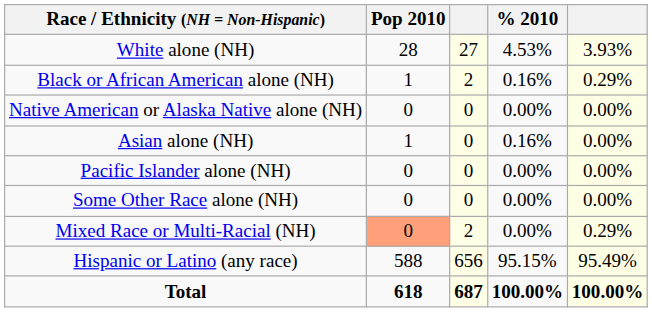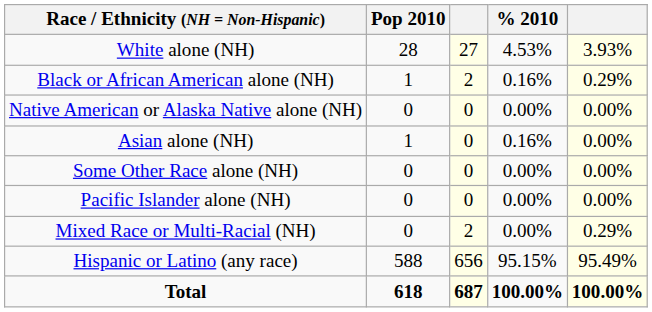 <table class="wikitable" style="text-align:center;">
 <tr>
 <th>Race / Ethnicity <small>(<em>NH = Non-Hispanic</em>)</small></th>
 <th>Pop 2010</th>
 <th></th>
 <th>% 2010</th>
 <th></th>
 </tr>
 <tr>
 <td><a href='#'>White</a> alone (NH)</td>
 <td>28</td>
 <td style='background: #ffffe6;'>27</td>
 <td>4.53%</td>
 <td style='background: #ffffe6;'>3.93%</td>
 </tr>
 <tr>
 <td><a href='#'>Black or African American</a> alone (NH)</td>
 <td>1</td>
 <td style='background: #ffffe6;'>2</td>
 <td>0.16%</td>
 <td style='background: #ffffe6;'>0.29%</td>
 </tr>
 <tr>
 <td><a href='#'>Native American</a> or <a href='#'>Alaska Native</a> alone (NH)</td>
 <td>0</td>
 <td style='background: #ffffe6;'>0</td>
 <td>0.00%</td>
 <td style='background: #ffffe6;'>0.00%</td>
 </tr>
 <tr>
 <td><a href='#'>Asian</a> alone (NH)</td>
 <td>1</td>
 <td style='background: #ffffe6;'>0</td>
 <td>0.16%</td>
 <td style='background: #ffffe6;'>0.00%</td>
 </tr>
 <tr>
+<td><a href='#'>Some Other Race</a> alone (NH)</td>
+<td>0</td>
+<td style='background: #ffffe6;'>0</td>
+<td>0.00%</td>
+<td style='background: #ffffe6;'>0.00%</td>
+</tr>
+<tr>
 <td><a href='#'>Pacific Islander</a> alone (NH)</td>
 <td>0</td>
 <td style='background: #ffffe6;'>0</td>
 <td>0.00%</td>
 <td style='background: #ffffe6;'>0.00%</td>
 </tr>
 <tr>
-<td><a href='#'>Some Other Race</a> alone (NH)</td>
+<td><a href='#'>Mixed Race or Multi-Racial</a> (NH)</td>
 <td>0</td>
-<td style='background: #ffffe6;'>0</td>
-<td>0.00%</td>
-<td style='background: #ffffe6;'>0.00%</td>
-</tr>
-<tr>
-<td><a href='#'>Mixed Race or Multi-Racial</a> (NH)</td>
-<td style="background: lightsalmon;">0</td>
 <td style='background: #ffffe6;'>2</td>
 <td>0.00%</td>
 <td style='background: #ffffe6;'>0.29%</td>
 </tr>
 <tr>
 <td><a href='#'>Hispanic or Latino</a> (any race)</td>
 <td>588</td>
 <td style='background: #ffffe6;'>656</td>
 <td>95.15%</td>
 <td style='background: #ffffe6;'>95.49%</td>
 </tr>
 <tr>
 <td><strong>Total</strong></td>
 <td><strong>618</strong></td>
 <td style='background: #ffffe6;'><strong>687</strong></td>
 <td><strong>100.00%</strong></td>
 <td style='background: #ffffe6;'><strong>100.00%</strong></td>
 </tr>
 </table>
